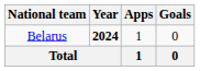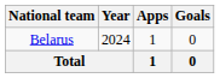 <table class=wikitable style=text-align:center>
 <tr>
 <th>National team</th>
 <th>Year</th>
 <th>Apps</th>
 <th>Goals</th>
 </tr>
 <tr>
 <td rowspan="1"><a href='#'>Belarus</a></td>
-<td><strong>2024</strong></td>
+<td>2024</td>
 <td>1</td>
 <td>0</td>
 </tr>
 <tr>
 <th colspan="2">Total</th>
 <th>1</th>
 <th>0</th>
 </tr>
 </table>
